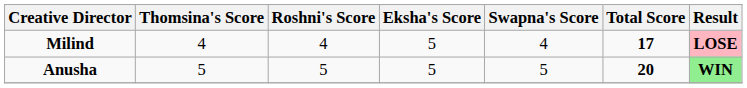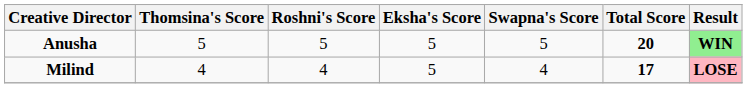 <table class="wikitable" style="text-align:center">
 <tr>
 <th>Creative Director</th>
 <th><strong>Thomsina</strong>'s Score</th>
 <th><strong>Roshni</strong>'s Score</th>
 <th scope="col"><strong>Eksha</strong>'s Score</th>
 <th><strong>Swapna's</strong> Score</th>
 <th>Total Score</th>
 <th>Result</th>
 </tr>
 <tr>
+<td><strong>Anusha</strong></td>
+<td>5</td>
+<td>5</td>
+<td>5</td>
+<td>5</td>
+<td><strong>20</strong></td>
+<td bgcolor="lightgreen"><strong>WIN</strong></td>
+</tr>
+<tr>
 <td><strong>Milind</strong></td>
 <td>4</td>
 <td>4</td>
 <td>5</td>
 <td>4</td>
 <td><strong>17</strong></td>
 <td bgcolor="lightpink"><strong>LOSE</strong></td>
 </tr>
 <tr>
-<td><strong>Anusha</strong></td>
-<td>5</td>
-<td>5</td>
-<td>5</td>
-<td>5</td>
-<td><strong>20</strong></td>
-<td bgcolor="lightgreen"><strong>WIN</strong></td>
-</tr>
-<tr>
 </tr>
 </table>
